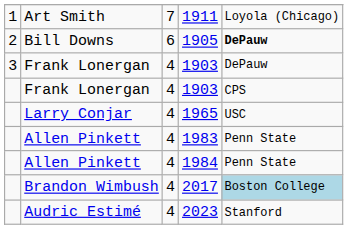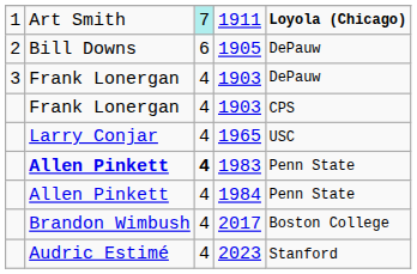 <table class="wikitable">
 <tr>
 </tr>
 <tr>
 <td>1</td>
 <td>Art Smith</td>
-<td>7</td>
+<td style="background: paleturquoise;">7</td>
 <td><a href='#'>1911</a></td>
-<td style="font-size:80%;">Loyola (Chicago)</td>
+<td style="font-size:80%;"><strong>Loyola (Chicago)</strong></td>
 </tr>
 <tr>
 <td>2</td>
 <td>Bill Downs</td>
 <td>6</td>
 <td><a href='#'>1905</a></td>
-<td style="font-size:80%;"><strong>DePauw</strong></td>
+<td style="font-size:80%;">DePauw</td>
 </tr>
 <tr>
 <td>3</td>
 <td>Frank Lonergan</td>
 <td>4</td>
 <td><a href='#'>1903</a></td>
 <td style="font-size:80%;">DePauw</td>
 </tr>
 <tr>
 <td></td>
 <td>Frank Lonergan</td>
 <td>4</td>
 <td><a href='#'>1903</a></td>
 <td style="font-size:80%;"><abbr>CPS</abbr></td>
 </tr>
 <tr>
 <td></td>
 <td><a href='#'>Larry Conjar</a></td>
 <td>4</td>
 <td><a href='#'>1965</a></td>
 <td style="font-size:80%;">USC</td>
 </tr>
 <tr>
 <td></td>
-<td><a href='#'>Allen Pinkett</a></td>
-<td>4</td>
+<td><strong><a href='#'>Allen Pinkett</a></strong></td>
+<td><strong>4</strong></td>
 <td><a href='#'>1983</a></td>
 <td style="font-size:80%;">Penn State</td>
 </tr>
 <tr>
 <td></td>
 <td><a href='#'>Allen Pinkett</a></td>
 <td>4</td>
 <td><a href='#'>1984</a></td>
 <td style="font-size:80%;">Penn State</td>
 </tr>
 <tr>
 <td></td>
 <td><a href='#'>Brandon Wimbush</a></td>
 <td>4</td>
 <td><a href='#'>2017</a></td>
-<td style="background: lightblue; font-size:80%;">Boston College</td>
+<td style="font-size:80%;">Boston College</td>
 </tr>
 <tr>
 <td></td>
 <td><a href='#'>Audric Estimé</a></td>
 <td>4</td>
 <td><a href='#'>2023</a></td>
 <td style="font-size:80%;">Stanford</td>
 </tr>
 </table>
